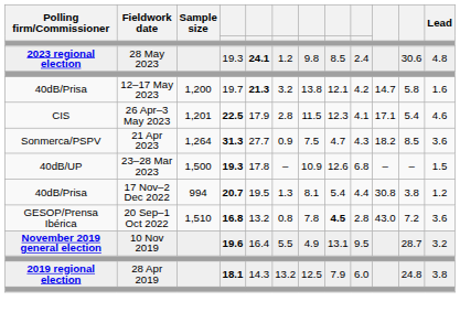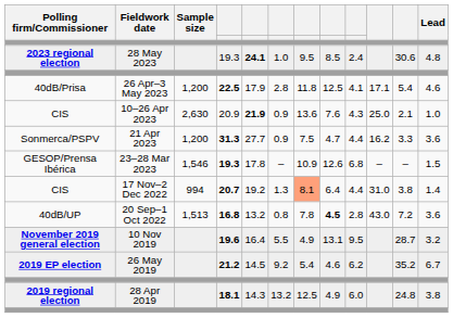 <table class="wikitable collapsible collapsed" style="text-align:center; font-size:90%; line-height:14px;">
 <tr style="height:42px;">
 <th style="width:250px;" rowspan="2">Polling firm/Commissioner</th>
 <th style="width:125px;" rowspan="2">Fieldwork date</th>
 <th style="width:50px;" rowspan="2">Sample size</th>
 <th style="width:35px;"></th>
 <th style="width:35px;"></th>
 <th style="width:35px;"></th>
 <th style="width:35px;"></th>
 <th style="width:35px;"></th>
 <th style="width:35px;"></th>
 <th style="width:35px;" rowspan="2"></th>
 <th style="width:35px;" rowspan="2"></th>
 <th style="width:30px;" rowspan="2">Lead</th>
 </tr>
 <tr>
 <th style="color:inherit;background:"></th>
 <th style="color:inherit;background:"></th>
 <th style="color:inherit;background:"></th>
 <th style="color:inherit;background:"></th>
 <th style="color:inherit;background:"></th>
 <th style="color:inherit;background:"></th>
 </tr>
 <tr>
 <td colspan="12" style="background:#A0A0A0"></td>
 </tr>
 <tr style="background:#EFEFEF;">
 <td><strong><a href='#'>2023 regional election</a></strong></td>
 <td>28 May 2023</td>
 <td></td>
 <td>19.3</td>
 <td><strong>24.1</strong></td>
-<td>1.2</td>
-<td>9.8</td>
+<td>1.0</td>
+<td>9.5</td>
 <td>8.5</td>
 <td>2.4</td>
 <td></td>
 <td>30.6</td>
 <td style="background:">4.8</td>
 </tr>
 <tr>
 <td colspan="12" style="background:#A0A0A0"></td>
 </tr>
 <tr>
 <td>40dB/Prisa</td>
-<td>12–17 May 2023</td>
+<td>26 Apr–3 May 2023</td>
 <td>1,200</td>
-<td>19.7</td>
-<td><strong>21.3</strong></td>
-<td>3.2</td>
-<td>13.8</td>
-<td>12.1</td>
-<td>4.2</td>
-<td>14.7</td>
-<td>5.8</td>
-<td style="background:">1.6</td>
-</tr>
-<tr>
-<td>CIS</td>
-<td>26 Apr–3 May 2023</td>
-<td>1,201</td>
 <td><strong>22.5</strong></td>
 <td>17.9</td>
 <td>2.8</td>
-<td>11.5</td>
-<td>12.3</td>
+<td>11.8</td>
+<td>12.5</td>
 <td>4.1</td>
 <td>17.1</td>
 <td>5.4</td>
 <td style="background:">4.6</td>
 </tr>
 <tr>
+<td>CIS</td>
+<td>10–26 Apr 2023</td>
+<td>2,630</td>
+<td>20.9</td>
+<td><strong>21.9</strong></td>
+<td>0.9</td>
+<td>13.6</td>
+<td>7.6</td>
+<td>4.3</td>
+<td>25.0</td>
+<td>2.1</td>
+<td style="background:">1.0</td>
+</tr>
+<tr>
 <td>Sonmerca/PSPV</td>
 <td>21 Apr 2023</td>
-<td>1,264</td>
+<td>1,200</td>
 <td><strong>31.3</strong></td>
 <td>27.7</td>
 <td>0.9</td>
 <td>7.5</td>
 <td>4.7</td>
-<td>4.3</td>
-<td>18.2</td>
-<td>8.5</td>
+<td>4.4</td>
+<td>16.2</td>
+<td>3.3</td>
 <td style="background:">3.6</td>
 </tr>
 <tr>
-<td>40dB/UP</td>
+<td>GESOP/Prensa Ibérica</td>
 <td>23–28 Mar 2023</td>
-<td>1,500</td>
+<td>1,546</td>
 <td><strong>19.3</strong></td>
 <td>17.8</td>
 <td>–</td>
 <td>10.9</td>
 <td>12.6</td>
 <td>6.8</td>
 <td>–</td>
 <td>–</td>
 <td style="background:">1.5</td>
 </tr>
 <tr>
-<td>40dB/Prisa</td>
+<td>CIS</td>
 <td>17 Nov–2 Dec 2022</td>
 <td>994</td>
 <td><strong>20.7</strong></td>
-<td>19.5</td>
+<td>19.2</td>
 <td>1.3</td>
-<td>8.1</td>
-<td>5.4</td>
+<td style="background: lightsalmon;">8.1</td>
+<td>6.4</td>
 <td>4.4</td>
-<td>30.8</td>
+<td>31.0</td>
 <td>3.8</td>
-<td style="background:">1.2</td>
+<td style="background:">1.4</td>
 </tr>
 <tr>
-<td>GESOP/Prensa Ibérica</td>
+<td>40dB/UP</td>
 <td>20 Sep–1 Oct 2022</td>
-<td>1,510</td>
+<td>1,513</td>
 <td><strong>16.8</strong></td>
 <td>13.2</td>
 <td>0.8</td>
 <td>7.8</td>
 <td><strong>4.5</strong></td>
 <td>2.8</td>
 <td>43.0</td>
 <td>7.2</td>
 <td style="background:">3.6</td>
 </tr>
 <tr style="background:#EFEFEF;">
 <td><strong><a href='#'>November 2019 general election</a></strong></td>
 <td>10 Nov 2019</td>
 <td></td>
 <td><strong>19.6</strong></td>
 <td>16.4</td>
 <td>5.5</td>
 <td>4.9</td>
 <td>13.1</td>
 <td>9.5</td>
 <td></td>
 <td>28.7</td>
 <td style="background:">3.2</td>
 </tr>
+<tr style="background:#EFEFEF;">
+<td><strong><a href='#'>2019 EP election</a></strong></td>
+<td>26 May 2019</td>
+<td></td>
+<td><strong>21.2</strong></td>
+<td>14.5</td>
+<td>9.2</td>
+<td>5.4</td>
+<td>4.6</td>
+<td>6.2</td>
+<td></td>
+<td>35.2</td>
+<td style="background:">6.7</td>
+</tr>
 <tr>
 <td colspan="12" style="background:#A0A0A0"></td>
 </tr>
 <tr style="background:#EFEFEF;">
 <td><strong><a href='#'>2019 regional election</a></strong></td>
 <td>28 Apr 2019</td>
 <td></td>
 <td><strong>18.1</strong></td>
 <td>14.3</td>
 <td>13.2</td>
 <td>12.5</td>
-<td>7.9</td>
+<td>4.9</td>
 <td>6.0</td>
 <td></td>
 <td>24.8</td>
 <td style="background:">3.8</td>
 </tr>
 <tr>
 <td colspan="12" style="background:#A0A0A0"></td>
 </tr>
 </table>
